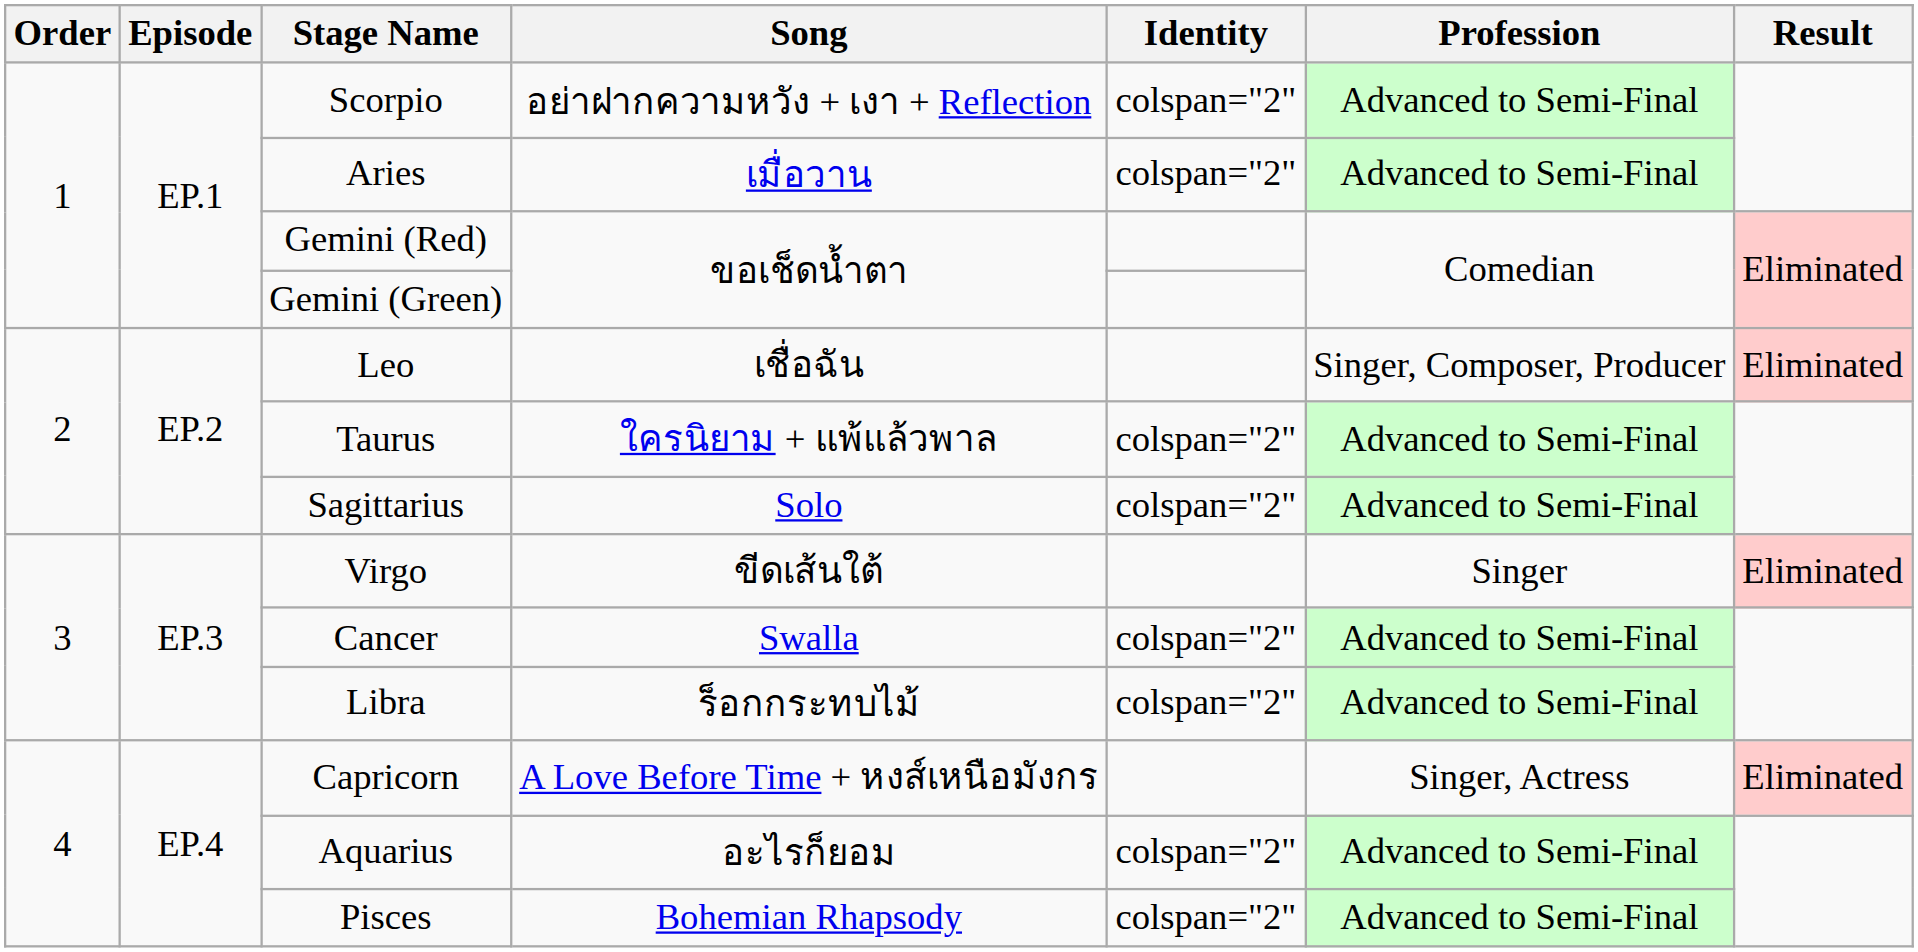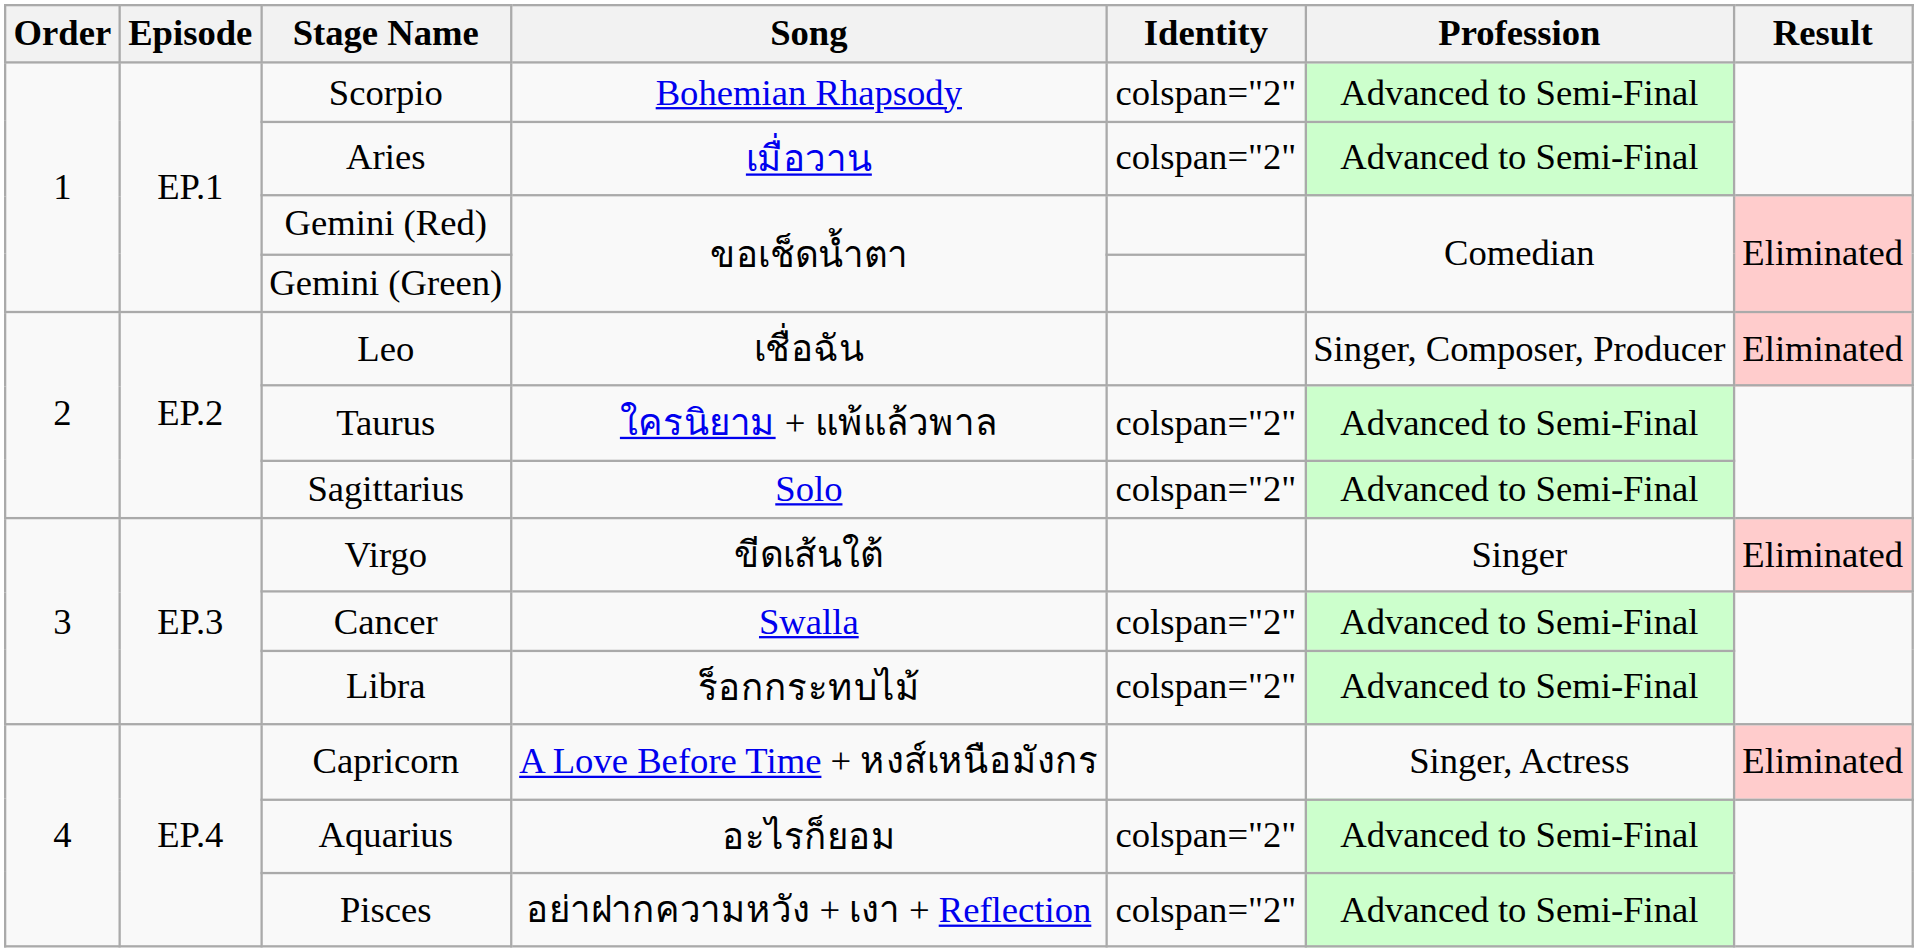 <table class="wikitable" style="text-align:center;">
 <tr>
 <th>Order</th>
 <th>Episode</th>
 <th>Stage Name</th>
 <th>Song</th>
 <th>Identity</th>
 <th>Profession</th>
 <th>Result</th>
 </tr>
 <tr>
 <td rowspan="4">1</td>
 <td rowspan="4">EP.1</td>
 <td>Scorpio</td>
-<td>อย่าฝากความหวัง + เงา + <a href='#'>Reflection</a></td>
+<td><a href='#'>Bohemian Rhapsody</a></td>
 <td>colspan="2"  </td>
 <td style="text-align:center; background:#ccffcc;">Advanced to Semi-Final</td>
 </tr>
 <tr>
 <td>Aries</td>
 <td><a href='#'>เมื่อวาน</a></td>
 <td>colspan="2"  </td>
 <td style="text-align:center; background:#ccffcc;">Advanced to Semi-Final</td>
 </tr>
 <tr>
 <td style="text-align:center;">Gemini (Red)</td>
 <td rowspan="2" style="text-align:center;">ขอเช็ดน้ำตา</td>
 <td style="text-align:center;"></td>
 <td rowspan="2" style="text-align:center;">Comedian</td>
 <td rowspan="2" style="text-align:center; background:#ffcccc;">Eliminated</td>
 </tr>
 <tr>
 <td style="text-align:center;">Gemini (Green)</td>
 <td style="text-align:center;"></td>
 </tr>
 <tr>
 <td rowspan="3">2</td>
 <td rowspan="3">EP.2</td>
 <td>Leo</td>
 <td>เชื่อฉัน</td>
 <td style="text-align:center;"></td>
 <td style="text-align:center;">Singer, Composer, Producer</td>
 <td style="text-align:center; background:#ffcccc;">Eliminated</td>
 </tr>
 <tr>
 <td>Taurus</td>
 <td><a href='#'>ใครนิยาม</a> + แพ้แล้วพาล</td>
 <td>colspan="2"  </td>
 <td style="text-align:center; background:#ccffcc;">Advanced to Semi-Final</td>
 </tr>
 <tr>
 <td>Sagittarius</td>
 <td><a href='#'>Solo</a></td>
 <td>colspan="2"  </td>
 <td style="text-align:center; background:#ccffcc;">Advanced to Semi-Final</td>
 </tr>
 <tr>
 <td rowspan="3">3</td>
 <td rowspan="3">EP.3</td>
 <td>Virgo</td>
 <td>ขีดเส้นใต้</td>
 <td style="text-align:center;"></td>
 <td style="text-align:center;">Singer</td>
 <td style="text-align:center; background:#ffcccc;">Eliminated</td>
 </tr>
 <tr>
 <td>Cancer</td>
 <td><a href='#'>Swalla</a></td>
 <td>colspan="2"  </td>
 <td style="text-align:center; background:#ccffcc;">Advanced to Semi-Final</td>
 </tr>
 <tr>
 <td>Libra</td>
 <td>ร็อกกระทบไม้</td>
 <td>colspan="2"  </td>
 <td style="text-align:center; background:#ccffcc;">Advanced to Semi-Final</td>
 </tr>
 <tr>
 <td rowspan="3">4</td>
 <td rowspan="3">EP.4</td>
 <td>Capricorn</td>
 <td><a href='#'>A Love Before Time</a> + หงส์เหนือมังกร</td>
 <td style="text-align:center;"></td>
 <td style="text-align:center;">Singer, Actress</td>
 <td style="text-align:center; background:#ffcccc;">Eliminated</td>
 </tr>
 <tr>
 <td>Aquarius</td>
 <td>อะไรก็ยอม</td>
 <td>colspan="2"  </td>
 <td style="text-align:center; background:#ccffcc;">Advanced to Semi-Final</td>
 </tr>
 <tr>
 <td>Pisces</td>
-<td><a href='#'>Bohemian Rhapsody</a></td>
+<td>อย่าฝากความหวัง + เงา + <a href='#'>Reflection</a></td>
 <td>colspan="2"  </td>
 <td style="text-align:center; background:#ccffcc;">Advanced to Semi-Final</td>
 </tr>
 </table>
